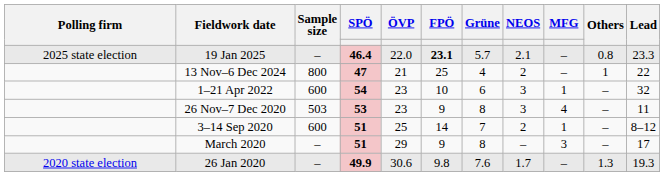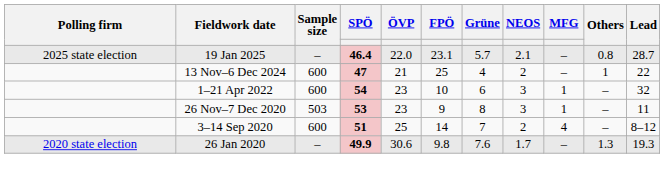 <table class="wikitable sortable" style="text-align:center;font-size:90%;line-height:14px;">
 <tr style="height:40px;">
 <th style="width:190px;" rowspan="2">Polling firm</th>
 <th style="width:130px;" rowspan="2">Fieldwork date</th>
 <th style="width:35px;" rowspan="2">Sample<br>size</th>
 <th class="unsortable" style="width:40px;"><a href='#'>SPÖ</a></th>
 <th class="unsortable" style="width:40px;"><a href='#'>ÖVP</a></th>
 <th class="unsortable" style="width:40px;"><a href='#'>FPÖ</a></th>
 <th class="unsortable" style="width:40px;"><a href='#'>Grüne</a></th>
 <th class="unsortable" style="width:40px;"><a href='#'>NEOS</a></th>
 <th class="unsortable" style="width:40px;"><a href='#'>MFG</a></th>
 <th class="unsortable" style="width:40px;" rowspan="2">Others</th>
 <th style="width:30px;" rowspan="2">Lead</th>
 </tr>
 <tr>
 <th style="background:"></th>
 <th style="background:"></th>
 <th style="background:"></th>
 <th style="background:"></th>
 <th style="background:"></th>
 <th style="background:"></th>
 </tr>
 <tr style="background:#E9E9E9;">
 <td>2025 state election</td>
 <td data-sort-value="2025-01-19">19 Jan 2025</td>
 <td>–</td>
 <td style="background:#F4C6C9;"><strong>46.4</strong></td>
 <td>22.0</td>
-<td><strong>23.1</strong></td>
+<td>23.1</td>
 <td>5.7</td>
 <td>2.1</td>
 <td>–</td>
 <td>0.8</td>
-<td style="background:">23.3</td>
+<td style="background:">28.7</td>
 </tr>
 <tr>
 <td></td>
 <td>13 Nov–6 Dec 2024</td>
-<td>800</td>
+<td>600</td>
 <td style="background:#F4C6C9;"><strong>47</strong></td>
 <td>21</td>
 <td>25</td>
 <td>4</td>
 <td>2</td>
 <td>–</td>
 <td>1</td>
 <td style="background:">22</td>
 </tr>
 <tr>
 <td></td>
 <td>1–21 Apr 2022</td>
 <td>600</td>
 <td style="background:#F4C6C9;"><strong>54</strong></td>
 <td>23</td>
 <td>10</td>
 <td>6</td>
 <td>3</td>
 <td>1</td>
 <td>–</td>
 <td style="background:">32</td>
 </tr>
 <tr>
 <td></td>
 <td data-sort-value="2020-01-17">26 Nov–7 Dec 2020</td>
 <td>503</td>
 <td style="background:#F4C6C9;"><strong>53</strong></td>
 <td>23</td>
 <td>9</td>
 <td>8</td>
 <td>3</td>
-<td>4</td>
+<td>1</td>
 <td>–</td>
 <td style="background:">11</td>
 </tr>
 <tr>
 <td></td>
 <td data-sort-value="2020-01-01">3–14 Sep 2020</td>
 <td>600</td>
 <td style="background:#F4C6C9;"><strong>51</strong></td>
 <td>25</td>
 <td>14</td>
 <td>7</td>
 <td>2</td>
-<td>1</td>
+<td>4</td>
 <td>–</td>
 <td style="background:">8–12</td>
-</tr>
-<tr>
-<td></td>
-<td data-sort-value="2020-09-20">March 2020</td>
-<td>–</td>
-<td style="background:#F4C6C9;"><strong>51</strong></td>
-<td>29</td>
-<td>9</td>
-<td>8</td>
-<td>–</td>
-<td>3</td>
-<td>–</td>
-<td style="background:">17</td>
 </tr>
 <tr style="background:#E9E9E9;">
 <td><a href='#'>2020 state election</a></td>
 <td data-sort-value="2020-01-26">26 Jan 2020</td>
 <td>–</td>
 <td style="background:#F4C6C9;"><strong>49.9</strong></td>
 <td>30.6</td>
 <td>9.8</td>
 <td>7.6</td>
 <td>1.7</td>
 <td>–</td>
 <td>1.3</td>
 <td style="background:">19.3</td>
 </tr>
 </table>
